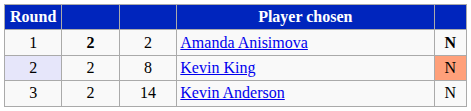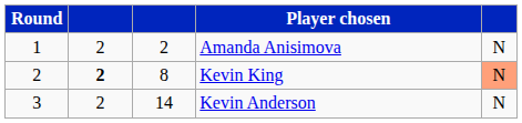 <table class="wikitable" style="text-align:left">
 <tr>
 <th style="background:#0025BD; color:white" width="50px">Round</th>
 <th style="background:#0025BD; color:white" width="50px"></th>
 <th style="background:#0025BD; color:white" width="50px"></th>
 <th style="background:#0025BD; color:white" width="250px">Player chosen</th>
 <th style="background:#0025BD; color:white" width="25px"></th>
 </tr>
 <tr>
 <td style="text-align:center">1</td>
-<td style="text-align:center"><strong>2</strong></td>
+<td style="text-align:center">2</td>
 <td style="text-align:center">2</td>
 <td> <a href='#'>Amanda Anisimova</a></td>
-<td style="text-align:center"><strong>N</strong></td>
+<td style="text-align:center">N</td>
 </tr>
 <tr>
-<td style="background: lavender; text-align:center">2</td>
 <td style="text-align:center">2</td>
+<td style="text-align:center"><strong>2</strong></td>
 <td style="text-align:center">8</td>
 <td> <a href='#'>Kevin King</a></td>
 <td style="background: lightsalmon; text-align:center">N</td>
 </tr>
 <tr>
 <td style="text-align:center">3</td>
 <td style="text-align:center">2</td>
 <td style="text-align:center">14</td>
 <td> <a href='#'>Kevin Anderson</a></td>
 <td style="text-align:center">N</td>
 </tr>
 </table>
